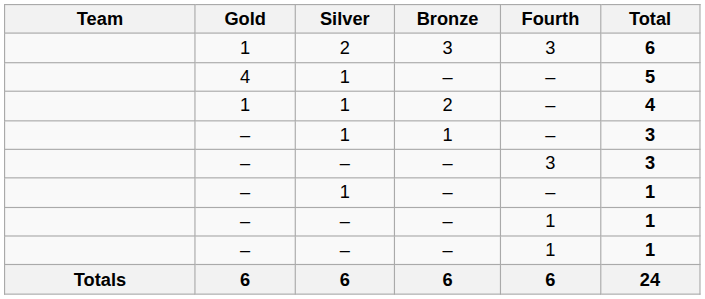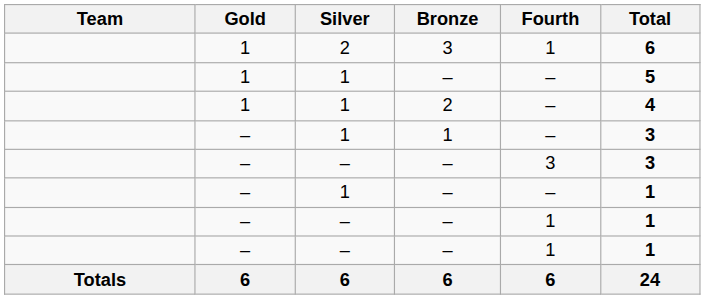 <table class="wikitable" style="text-align:center;">
 <tr>
 <th style="width:10em;">Team</th>
 <th style="width:5em;"> Gold</th>
 <th style="width:5em;"> Silver</th>
 <th style="width:5.75em; padding:0; cell-spacing:0;"> Bronze</th>
 <th style="width:5em;">Fourth</th>
 <th style="width:5em;">Total </th>
 </tr>
 <tr>
 <td align=left></td>
 <td>1</td>
 <td>2</td>
 <td>3</td>
-<td>3</td>
+<td>1</td>
 <td><strong>6</strong></td>
 </tr>
 <tr>
 <td align=left></td>
-<td>4</td>
+<td>1</td>
 <td>1</td>
 <td>–</td>
 <td>–</td>
 <td><strong>5</strong></td>
 </tr>
 <tr>
 <td align=left></td>
 <td>1</td>
 <td>1</td>
 <td>2</td>
 <td>–</td>
 <td><strong>4</strong></td>
 </tr>
 <tr>
 <td align=left></td>
 <td>–</td>
 <td>1</td>
 <td>1</td>
 <td>–</td>
 <td><strong>3</strong></td>
 </tr>
 <tr>
 <td align=left></td>
 <td>–</td>
 <td>–</td>
 <td>–</td>
 <td>3</td>
 <td><strong>3</strong></td>
 </tr>
 <tr>
 <td align=left></td>
 <td>–</td>
 <td>1</td>
 <td>–</td>
 <td>–</td>
 <td><strong>1</strong></td>
 </tr>
 <tr>
 <td align=left></td>
 <td>–</td>
 <td>–</td>
 <td>–</td>
 <td>1</td>
 <td><strong>1</strong></td>
 </tr>
 <tr>
 <td align=left></td>
 <td>–</td>
 <td>–</td>
 <td>–</td>
 <td>1</td>
 <td><strong>1</strong></td>
 </tr>
 <tr>
 <th>Totals</th>
 <th>6</th>
 <th>6</th>
 <th>6</th>
 <th>6</th>
 <th>24</th>
 </tr>
 </table>
